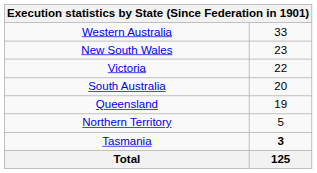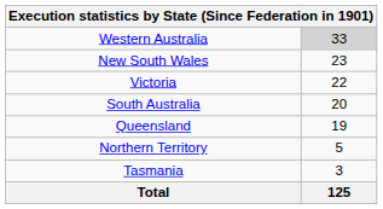 <table class="wikitable"style="text-align: center;">
 <tr>
 <th colspan="2">Execution statistics by State (Since Federation in 1901)</th>
 </tr>
 <tr>
 <td><a href='#'>Western Australia</a></td>
-<td>33</td>
+<td style="background: lightgrey;">33</td>
 </tr>
 <tr>
 <td><a href='#'>New South Wales</a></td>
 <td>23</td>
 </tr>
 <tr>
 <td><a href='#'>Victoria</a></td>
 <td>22</td>
 </tr>
 <tr>
 <td><a href='#'>South Australia</a></td>
 <td>20</td>
 </tr>
 <tr>
 <td><a href='#'>Queensland</a></td>
 <td>19</td>
 </tr>
 <tr>
 <td><a href='#'>Northern Territory</a></td>
 <td>5</td>
 </tr>
 <tr>
 <td><a href='#'>Tasmania</a></td>
-<td><strong>3</strong></td>
+<td>3</td>
 </tr>
 <tr>
 <th>Total</th>
 <th>125</th>
 </tr>
 </table>
